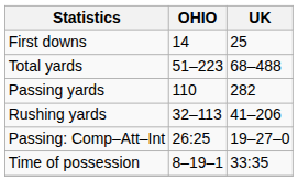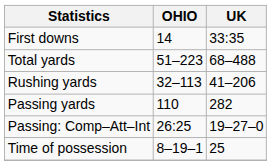 <table class="wikitable" style="float: left;">
 <tr>
 <th>Statistics</th>
 <th>OHIO</th>
 <th>UK</th>
 </tr>
 <tr>
 <td>First downs</td>
 <td>14</td>
-<td>25</td>
+<td>33:35</td>
 </tr>
 <tr>
 <td>Total yards</td>
 <td>51–223</td>
 <td>68–488</td>
 </tr>
 <tr>
+<td>Rushing yards</td>
+<td>32–113</td>
+<td>41–206</td>
+</tr>
+<tr>
 <td>Passing yards</td>
 <td>110</td>
 <td>282</td>
-</tr>
-<tr>
-<td>Rushing yards</td>
-<td>32–113</td>
-<td>41–206</td>
 </tr>
 <tr>
 <td>Passing: Comp–Att–Int</td>
 <td>26:25</td>
 <td>19–27–0</td>
 </tr>
 <tr>
 <td>Time of possession</td>
 <td>8–19–1</td>
-<td>33:35</td>
+<td>25</td>
 </tr>
 <tr>
 </tr>
 </table>
